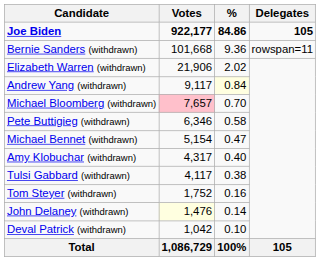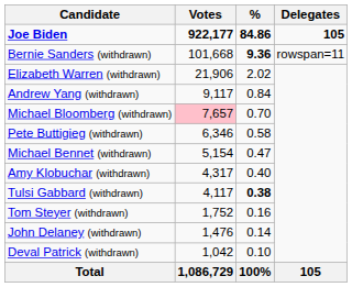 <table class="wikitable sortable" style="text-align:right;">
 <tr>
 <th>Candidate</th>
 <th>Votes</th>
 <th>%</th>
 <th>Delegates</th>
 </tr>
 <tr>
 <td style="text-align:left;" data-sort-value="Biden, Joe"><strong><a href='#'>Joe Biden</a></strong></td>
 <td><strong>922,177</strong></td>
 <td><strong>84.86</strong></td>
 <td><strong>105</strong></td>
 </tr>
 <tr>
 <td style="text-align:left;" data-sort-value="Sanders, Bernie"><a href='#'>Bernie Sanders</a> <small>(withdrawn)</small></td>
 <td>101,668</td>
-<td>9.36</td>
+<td><strong>9.36</strong></td>
 <td>rowspan=11 </td>
 </tr>
 <tr>
 <td style="text-align:left;" data-sort-value="Warren, Elizabeth"><a href='#'>Elizabeth Warren</a> <small>(withdrawn)</small></td>
 <td>21,906</td>
 <td>2.02</td>
 </tr>
 <tr>
 <td style="text-align:left;" data-sort-value="Yang, Andrew"><a href='#'>Andrew Yang</a> <small>(withdrawn)</small></td>
 <td>9,117</td>
-<td style="background: lightyellow;">0.84</td>
+<td>0.84</td>
 </tr>
 <tr>
 <td style="text-align:left;" data-sort-value="Bloomberg, Michael"><a href='#'>Michael Bloomberg</a> <small>(withdrawn)</small></td>
 <td style="background: pink;">7,657</td>
 <td>0.70</td>
 </tr>
 <tr>
 <td style="text-align:left;" data-sort-value="Buttigieg, Pete"><a href='#'>Pete Buttigieg</a> <small>(withdrawn)</small></td>
 <td>6,346</td>
 <td>0.58</td>
 </tr>
 <tr>
 <td style="text-align:left;" data-sort-value="Bennet, Michael"><a href='#'>Michael Bennet</a> <small>(withdrawn)</small></td>
 <td>5,154</td>
 <td>0.47</td>
 </tr>
 <tr>
 <td style="text-align:left;" data-sort-value="Klobuchar, Amy"><a href='#'>Amy Klobuchar</a> <small>(withdrawn)</small></td>
 <td>4,317</td>
 <td>0.40</td>
 </tr>
 <tr>
 <td style="text-align:left;" data-sort-value="Gabbard, Tulsi"><a href='#'>Tulsi Gabbard</a> <small>(withdrawn)</small></td>
 <td>4,117</td>
-<td>0.38</td>
+<td><strong>0.38</strong></td>
 </tr>
 <tr>
 <td style="text-align:left;" data-sort-value="Steyer, Tom"><a href='#'>Tom Steyer</a> <small>(withdrawn)</small></td>
 <td>1,752</td>
 <td>0.16</td>
 </tr>
 <tr>
 <td style="text-align:left;" data-sort-value="Delaney, John"><a href='#'>John Delaney</a> <small>(withdrawn)</small></td>
-<td style="background: lightyellow;">1,476</td>
+<td>1,476</td>
 <td>0.14</td>
 </tr>
 <tr>
 <td style="text-align:left;" data-sort-value="Patrick, Deval"><a href='#'>Deval Patrick</a> <small>(withdrawn)</small></td>
 <td>1,042</td>
 <td>0.10</td>
 </tr>
 <tr>
 <th>Total</th>
 <th>1,086,729</th>
 <th>100%</th>
 <th>105</th>
 </tr>
 </table>
